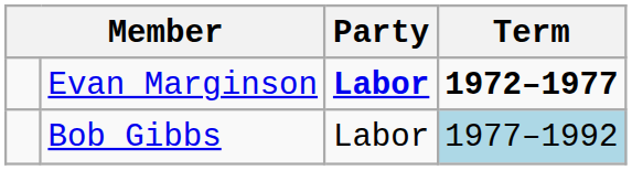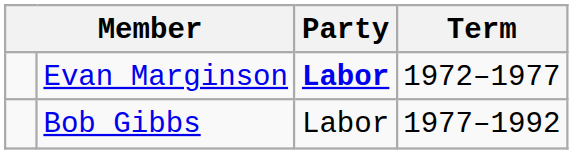 <table class="wikitable">
 <tr>
 <th colspan="2">Member</th>
 <th>Party</th>
 <th>Term</th>
 </tr>
 <tr>
 <td> </td>
 <td><a href='#'>Evan Marginson</a></td>
 <td><strong><a href='#'>Labor</a></strong></td>
-<td><strong>1972–1977</strong></td>
+<td>1972–1977</td>
 </tr>
 <tr>
 <td> </td>
 <td><a href='#'>Bob Gibbs</a></td>
 <td>Labor</td>
-<td style="background: lightblue;">1977–1992</td>
+<td>1977–1992</td>
 </tr>
 </table>
